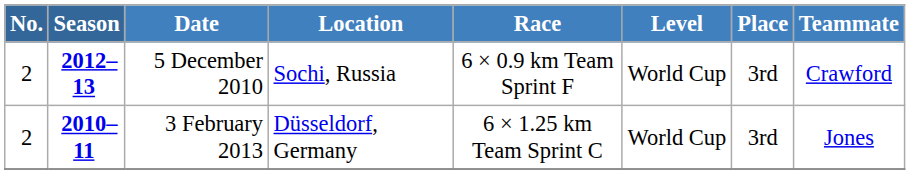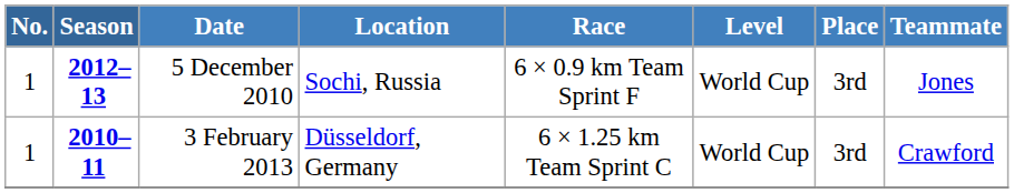 <table class="wikitable sortable" style="font-size:95%; text-align:center; border:grey solid 1px; border-collapse:collapse; background:#ffffff;">
 <tr style="background:#efefef;">
 <th style="background-color:#369; color:white;">No.</th>
 <th style="background-color:#369; color:white;">Season</th>
 <th style="background-color:#4180be; color:white; width:120px;">Date</th>
 <th style="background-color:#4180be; color:white; width:170px;">Location</th>
 <th style="background-color:#4180be; color:white; width:170px;">Race</th>
 <th style="background-color:#4180be; color:white; width:100px;">Level</th>
 <th style="background-color:#4180be; color:white;">Place</th>
 <th style="background-color:#4180be; color:white;">Teammate</th>
 </tr>
 <tr>
-<td align=center>2</td>
+<td align=center>1</td>
 <td rowspan=1 align=center><strong> <a href='#'>2012–13</a> </strong></td>
 <td align=right>5 December 2010</td>
 <td align=left> <a href='#'>Sochi</a>, Russia</td>
 <td>6 × 0.9 km Team Sprint F</td>
 <td>World Cup</td>
 <td>3rd</td>
-<td><a href='#'>Crawford</a></td>
+<td><a href='#'>Jones</a></td>
 </tr>
 <tr>
-<td align=center>2</td>
+<td align=center>1</td>
 <td rowspan=1 align=center><strong> <a href='#'>2010–11</a> </strong></td>
 <td align=right>3 February 2013</td>
 <td align=left> <a href='#'>Düsseldorf</a>, Germany</td>
 <td>6 × 1.25 km Team Sprint C</td>
 <td>World Cup</td>
 <td>3rd</td>
-<td><a href='#'>Jones</a></td>
+<td><a href='#'>Crawford</a></td>
 </tr>
 <tr>
 </tr>
 </table>
